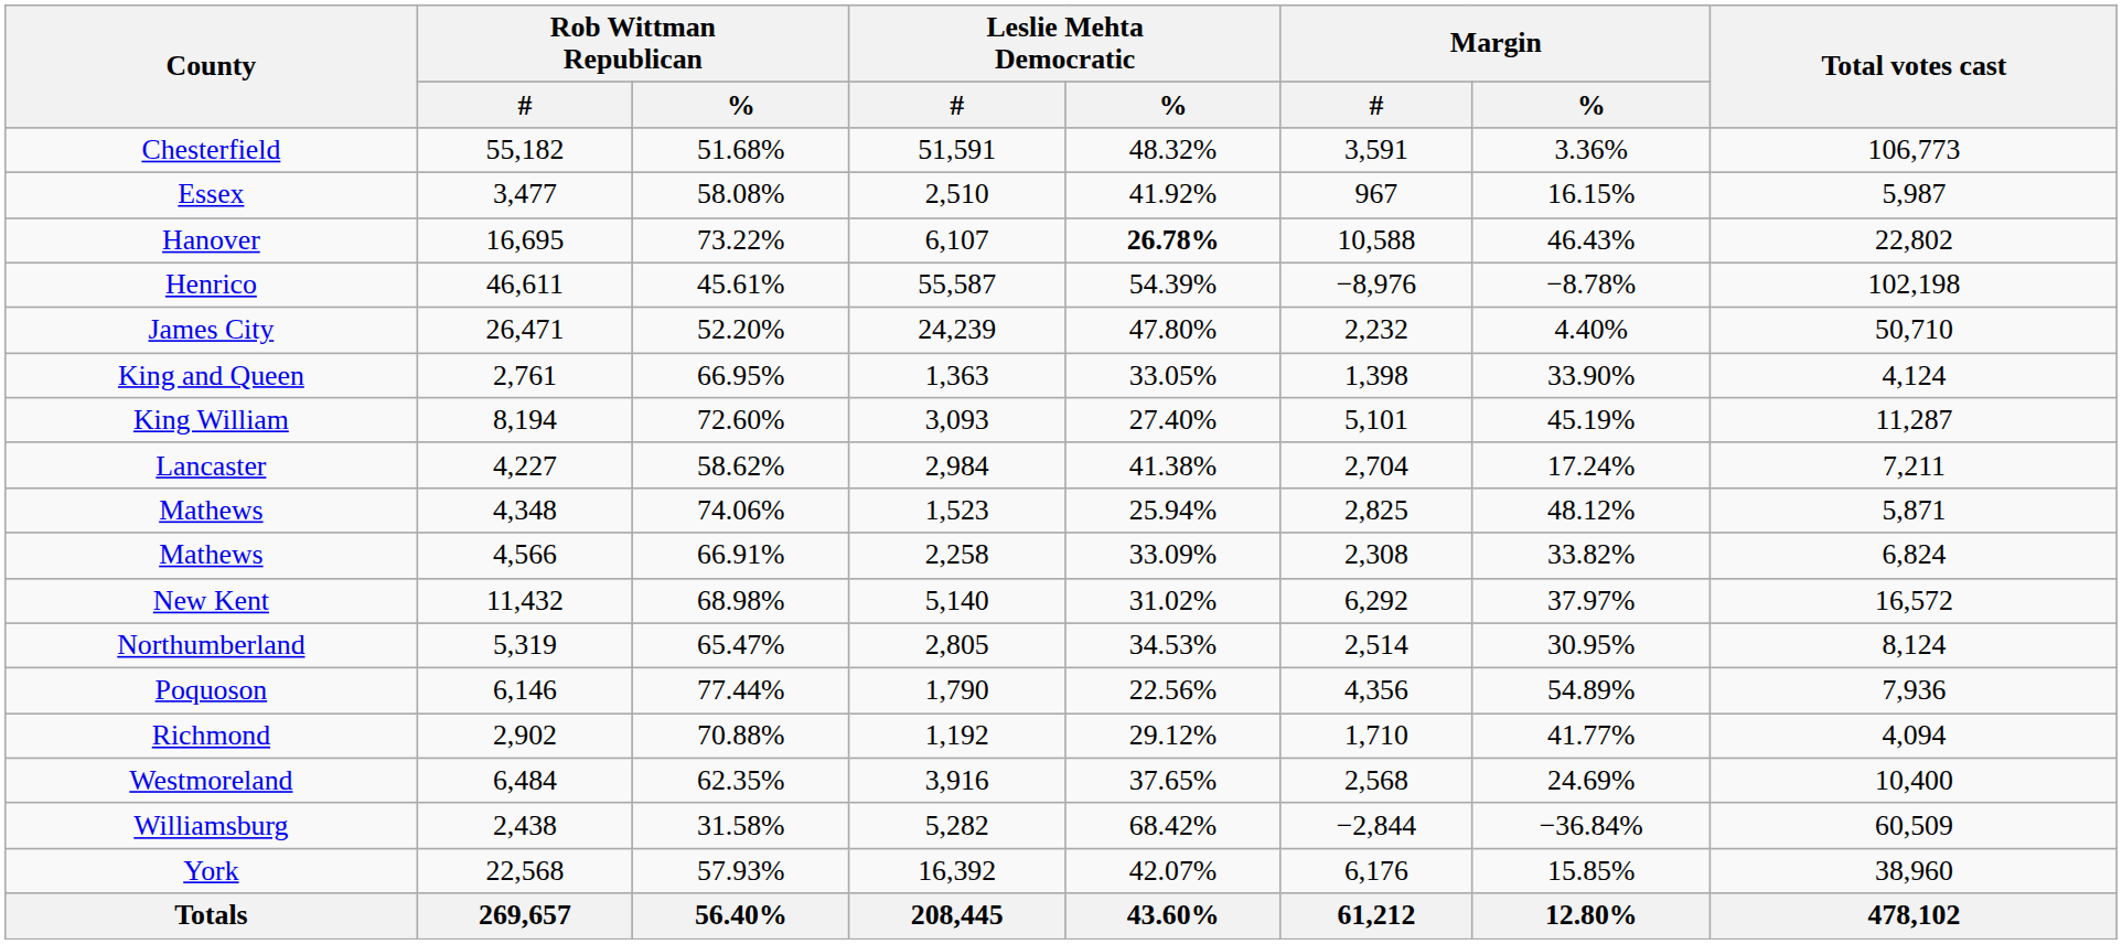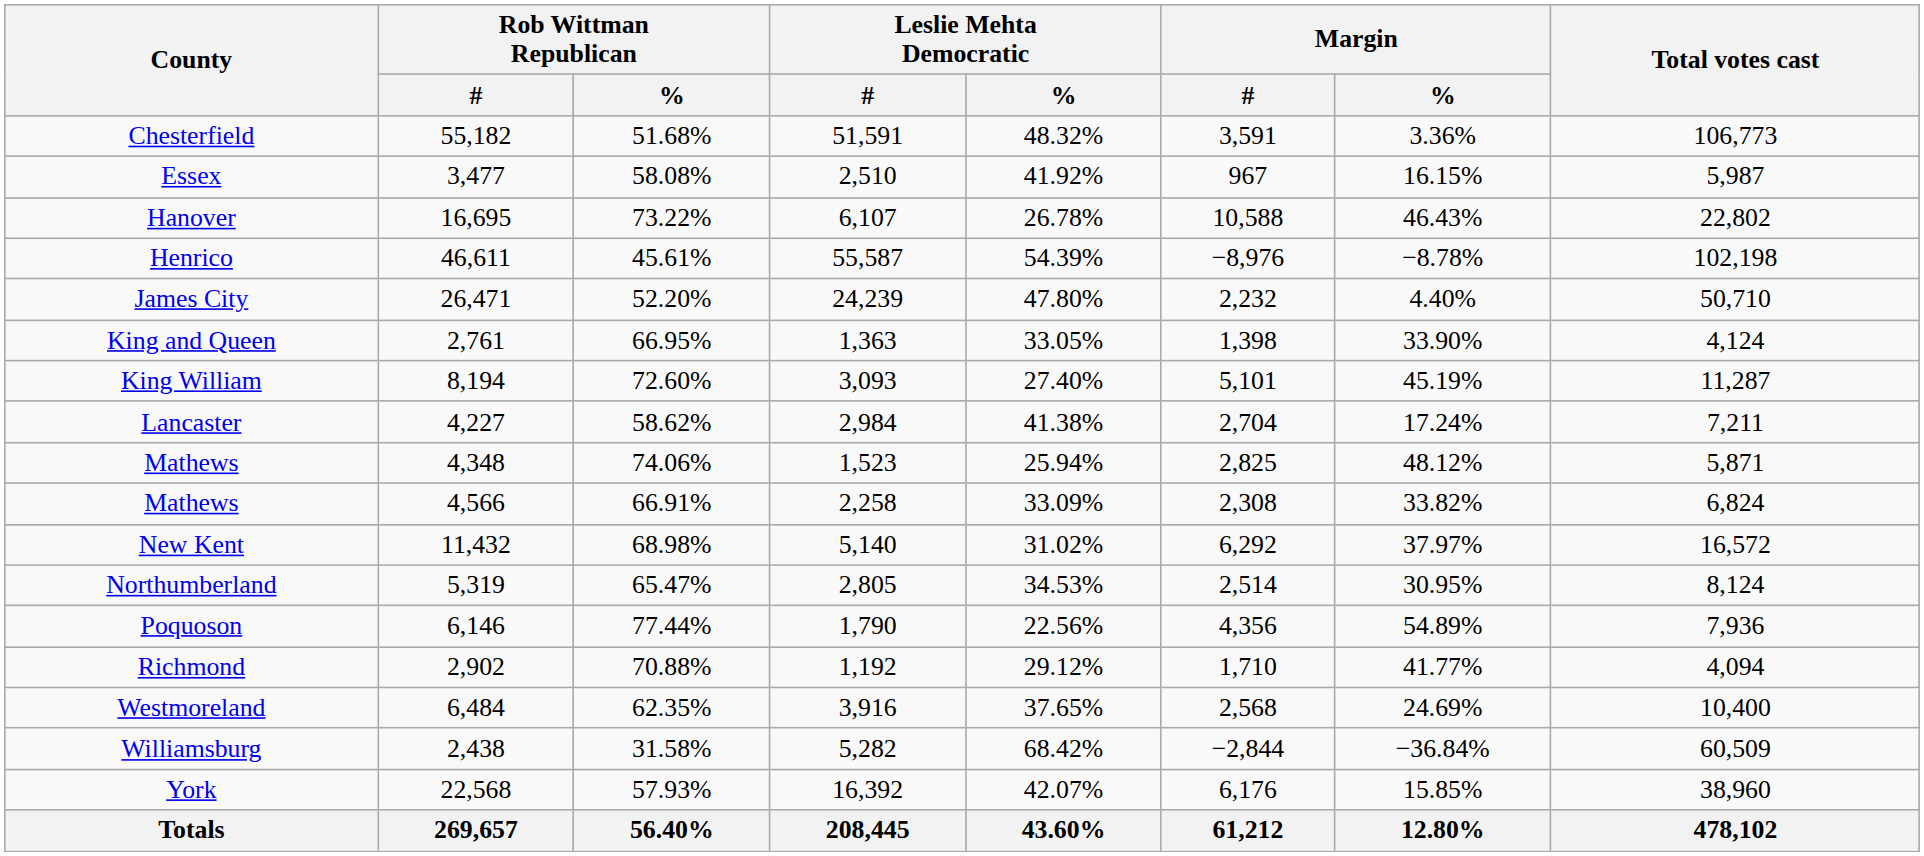 <table width="60%"  class="wikitable sortable" style="text-align:center">
 <tr>
 <th rowspan="2">County</th>
 <th style="text-align:center;" colspan="2">Rob Wittman<br>Republican</th>
 <th style="text-align:center;" colspan="2">Leslie Mehta<br>Democratic</th>
 <th style="text-align:center;" colspan="2">Margin</th>
 <th rowspan="2" style="text-align:center;">Total votes cast</th>
 </tr>
 <tr>
 <th style="text-align:center;" data-sort-type="number">#</th>
 <th style="text-align:center;" data-sort-type="number">%</th>
 <th style="text-align:center;" data-sort-type="number">#</th>
 <th style="text-align:center;" data-sort-type="number">%</th>
 <th style="text-align:center;" data-sort-type="number">#</th>
 <th style="text-align:center;" data-sort-type="number">%</th>
 </tr>
 <tr style="text-align:center;">
 <td><a href='#'>Chesterfield</a></td>
 <td>55,182</td>
 <td>51.68%</td>
 <td>51,591</td>
 <td>48.32%</td>
 <td>3,591</td>
 <td>3.36%</td>
 <td>106,773</td>
 </tr>
 <tr style="text-align:center;">
 <td><a href='#'>Essex</a></td>
 <td>3,477</td>
 <td>58.08%</td>
 <td>2,510</td>
 <td>41.92%</td>
 <td>967</td>
 <td>16.15%</td>
 <td>5,987</td>
 </tr>
 <tr style="text-align:center;">
 <td><a href='#'>Hanover</a></td>
 <td>16,695</td>
 <td>73.22%</td>
 <td>6,107</td>
-<td><strong>26.78%</strong></td>
+<td>26.78%</td>
 <td>10,588</td>
 <td>46.43%</td>
 <td>22,802</td>
 </tr>
 <tr style="text-align:center;">
 <td><a href='#'>Henrico</a></td>
 <td>46,611</td>
 <td>45.61%</td>
 <td>55,587</td>
 <td>54.39%</td>
 <td>−8,976</td>
 <td>−8.78%</td>
 <td>102,198</td>
 </tr>
 <tr style="text-align:center;">
 <td><a href='#'>James City</a></td>
 <td>26,471</td>
 <td>52.20%</td>
 <td>24,239</td>
 <td>47.80%</td>
 <td>2,232</td>
 <td>4.40%</td>
 <td>50,710</td>
 </tr>
 <tr style="text-align:center;">
 <td><a href='#'>King and Queen</a></td>
 <td>2,761</td>
 <td>66.95%</td>
 <td>1,363</td>
 <td>33.05%</td>
 <td>1,398</td>
 <td>33.90%</td>
 <td>4,124</td>
 </tr>
 <tr style="text-align:center;">
 <td><a href='#'>King William</a></td>
 <td>8,194</td>
 <td>72.60%</td>
 <td>3,093</td>
 <td>27.40%</td>
 <td>5,101</td>
 <td>45.19%</td>
 <td>11,287</td>
 </tr>
 <tr style="text-align:center;">
 <td><a href='#'>Lancaster</a></td>
 <td>4,227</td>
 <td>58.62%</td>
 <td>2,984</td>
 <td>41.38%</td>
 <td>2,704</td>
 <td>17.24%</td>
 <td>7,211</td>
 </tr>
 <tr style="text-align:center;">
 <td><a href='#'>Mathews</a></td>
 <td>4,348</td>
 <td>74.06%</td>
 <td>1,523</td>
 <td>25.94%</td>
 <td>2,825</td>
 <td>48.12%</td>
 <td>5,871</td>
 </tr>
 <tr style="text-align:center;">
 <td><a href='#'>Mathews</a></td>
 <td>4,566</td>
 <td>66.91%</td>
 <td>2,258</td>
 <td>33.09%</td>
 <td>2,308</td>
 <td>33.82%</td>
 <td>6,824</td>
 </tr>
 <tr style="text-align:center;">
 <td><a href='#'>New Kent</a></td>
 <td>11,432</td>
 <td>68.98%</td>
 <td>5,140</td>
 <td>31.02%</td>
 <td>6,292</td>
 <td>37.97%</td>
 <td>16,572</td>
 </tr>
 <tr style="text-align:center;">
 <td><a href='#'>Northumberland</a></td>
 <td>5,319</td>
 <td>65.47%</td>
 <td>2,805</td>
 <td>34.53%</td>
 <td>2,514</td>
 <td>30.95%</td>
 <td>8,124</td>
 </tr>
 <tr style="text-align:center;">
 <td><a href='#'>Poquoson</a></td>
 <td>6,146</td>
 <td>77.44%</td>
 <td>1,790</td>
 <td>22.56%</td>
 <td>4,356</td>
 <td>54.89%</td>
 <td>7,936</td>
 </tr>
 <tr style="text-align:center;">
 <td><a href='#'>Richmond</a></td>
 <td>2,902</td>
 <td>70.88%</td>
 <td>1,192</td>
 <td>29.12%</td>
 <td>1,710</td>
 <td>41.77%</td>
 <td>4,094</td>
 </tr>
 <tr style="text-align:center;">
 <td><a href='#'>Westmoreland</a></td>
 <td>6,484</td>
 <td>62.35%</td>
 <td>3,916</td>
 <td>37.65%</td>
 <td>2,568</td>
 <td>24.69%</td>
 <td>10,400</td>
 </tr>
 <tr style="text-align:center;">
 <td><a href='#'>Williamsburg</a></td>
 <td>2,438</td>
 <td>31.58%</td>
 <td>5,282</td>
 <td>68.42%</td>
 <td>−2,844</td>
 <td>−36.84%</td>
 <td>60,509</td>
 </tr>
 <tr style="text-align:center;">
 <td><a href='#'>York</a></td>
 <td>22,568</td>
 <td>57.93%</td>
 <td>16,392</td>
 <td>42.07%</td>
 <td>6,176</td>
 <td>15.85%</td>
 <td>38,960</td>
 </tr>
 <tr style="text-align:center;">
 <th>Totals</th>
 <th>269,657</th>
 <th>56.40%</th>
 <th>208,445</th>
 <th>43.60%</th>
 <th>61,212</th>
 <th>12.80%</th>
 <th>478,102</th>
 </tr>
 </table>
